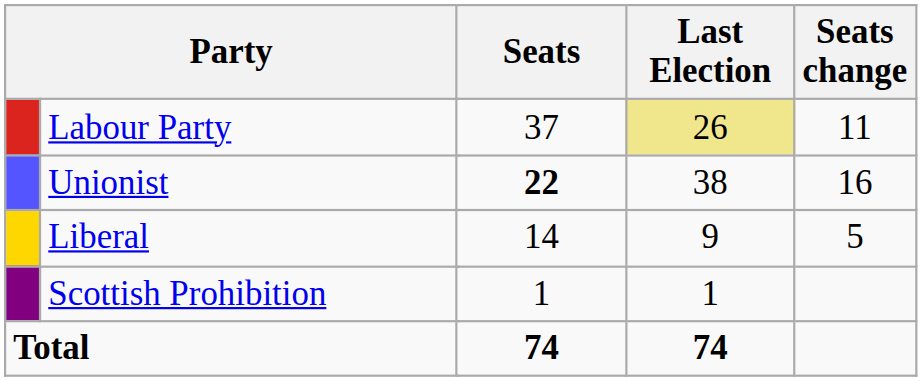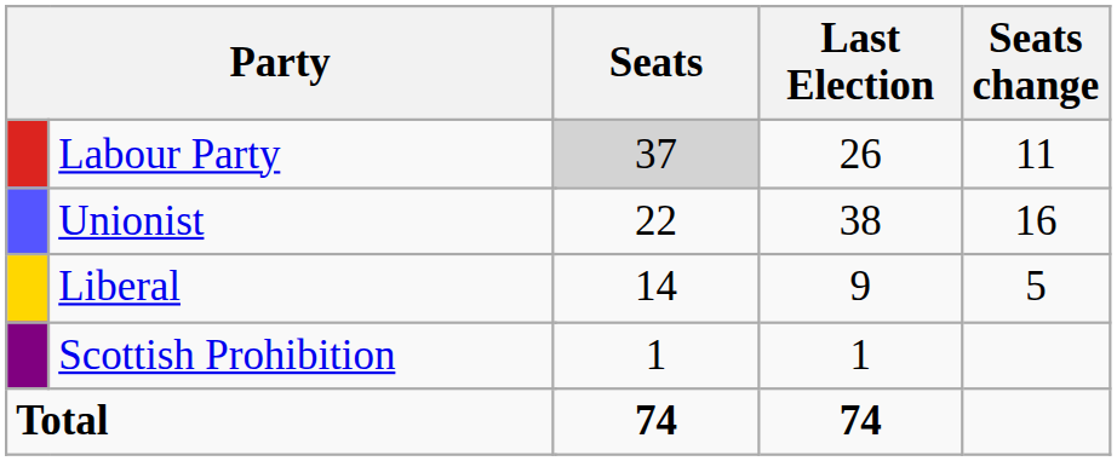 <table class="wikitable sortable">
 <tr>
 <th style="width:200px" colspan=3>Party</th>
 <th style="width:70px;">Seats</th>
 <th style="width:70px;">Last Election</th>
 <th style="width:40px;">Seats change</th>
 </tr>
 <tr>
 <td style="background-color:#DC241f"> </td>
 <td colspan=2><a href='#'>Labour Party</a></td>
-<td align=center>37</td>
-<td align=center style="background: khaki;">26</td>
+<td align=center style="background: lightgrey;">37</td>
+<td align=center>26</td>
 <td align=center> 11</td>
 </tr>
 <tr>
 <td style="background-color:#5555FF"> </td>
 <td colspan=2><a href='#'>Unionist</a></td>
-<td align="center"><strong>22</strong></td>
+<td align="center">22</td>
 <td align=center>38</td>
 <td align="center"> 16</td>
 </tr>
 <tr>
 <td style="background-color:#FFD700"> </td>
 <td colspan=2><a href='#'>Liberal</a></td>
 <td align=center>14</td>
 <td align=center>9</td>
 <td align=center> 5</td>
 </tr>
 <tr>
 <td style="background-color:#800080"> </td>
 <td colspan=2><a href='#'>Scottish Prohibition</a></td>
 <td align="center">1</td>
 <td align=center>1</td>
 <td align="center"></td>
 </tr>
 <tr>
 <td colspan=3><strong>Total</strong></td>
 <td align=center><strong>74</strong></td>
 <td align=center><strong>74</strong></td>
 <td align=center></td>
 </tr>
 </table>
